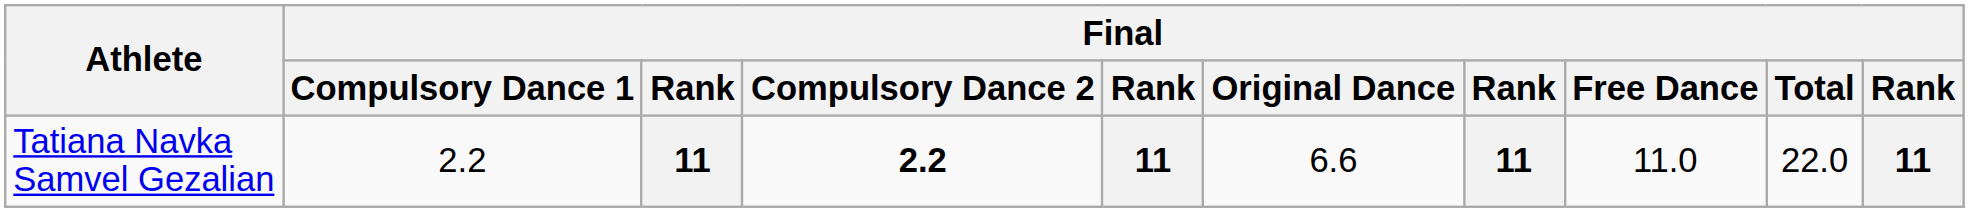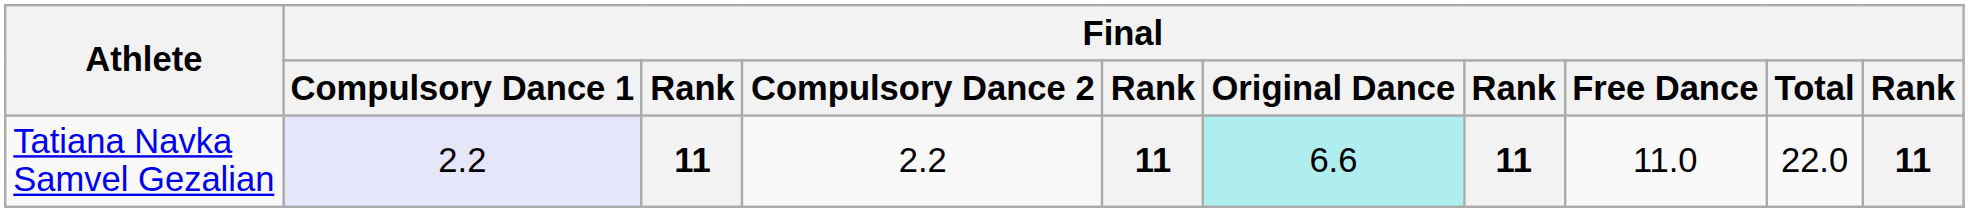 <table class="wikitable" style="font-size:90%">
 <tr>
 <th rowspan="2">Athlete</th>
 <th colspan="9">Final</th>
 </tr>
 <tr>
 <th>Compulsory Dance 1</th>
 <th>Rank</th>
 <th>Compulsory Dance 2</th>
 <th>Rank</th>
 <th>Original Dance</th>
 <th>Rank</th>
 <th>Free Dance</th>
 <th>Total</th>
 <th>Rank</th>
 </tr>
 <tr>
 <td><a href='#'>Tatiana Navka</a><br><a href='#'>Samvel Gezalian</a></td>
+<td align="center" style="background: lavender;">2.2</td>
+<th align="center">11</th>
 <td align="center">2.2</td>
 <th align="center">11</th>
-<td align="center"><strong>2.2</strong></td>
-<th align="center">11</th>
-<td align="center">6.6</td>
+<td align="center" style="background: paleturquoise;">6.6</td>
 <th align="center">11</th>
 <td align="center">11.0</td>
 <td align="center">22.0</td>
 <th align="center">11</th>
 </tr>
 </table>
